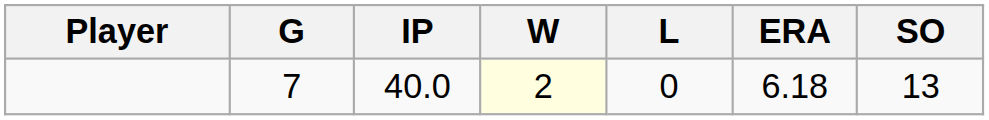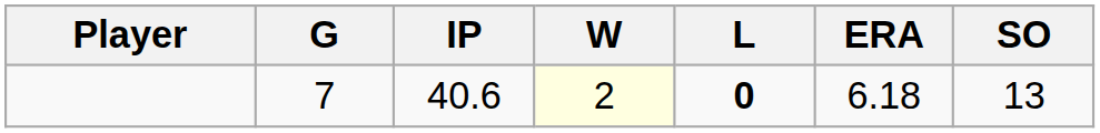 <table class="wikitable sortable">
 <tr>
 <th bgcolor="#DDDDFF" width="16%">Player</th>
 <th bgcolor="#DDDDFF" width="9%">G</th>
 <th bgcolor="#DDDDFF" width="9%">IP</th>
 <th bgcolor="#DDDDFF" width="9%">W</th>
 <th bgcolor="#DDDDFF" width="9%">L</th>
 <th bgcolor="#DDDDFF" width="9%">ERA</th>
 <th bgcolor="#DDDDFF" width="9%">SO</th>
 </tr>
 <tr align="center">
 <td></td>
 <td>7</td>
-<td>40.0</td>
+<td>40.6</td>
 <td style="background: lightyellow;">2</td>
-<td>0</td>
+<td><strong>0</strong></td>
 <td>6.18</td>
 <td>13</td>
 </tr>
 </table>
